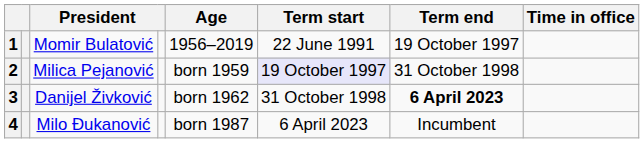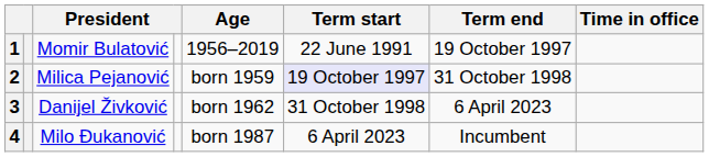 <table class="wikitable" style="text-align:center">
 <tr>
 <th colspan="2"></th>
 <th colspan="2">President</th>
 <th>Age</th>
 <th>Term start</th>
 <th>Term end</th>
 <th>Time in office</th>
 </tr>
 <tr>
 <th>1</th>
 <th style="background:"></th>
 <td><a href='#'>Momir Bulatović</a></td>
 <td></td>
 <td>1956–2019</td>
 <td>22 June 1991</td>
 <td>19 October 1997</td>
 <td></td>
 </tr>
 <tr>
 <th>2</th>
 <th style="background:"></th>
 <td><a href='#'>Milica Pejanović</a></td>
 <td></td>
 <td>born 1959</td>
 <td style="background: lavender;">19 October 1997</td>
 <td>31 October 1998</td>
 <td></td>
 </tr>
 <tr>
 <th>3</th>
 <th style="background:"></th>
 <td><a href='#'>Danijel Živković</a></td>
 <td></td>
 <td>born 1962</td>
 <td>31 October 1998</td>
-<td><strong>6 April 2023</strong></td>
+<td>6 April 2023</td>
 <td></td>
 </tr>
 <tr>
 <th>4</th>
 <th style="background:"></th>
 <td><a href='#'>Milo Đukanović</a></td>
 <td></td>
 <td>born 1987</td>
 <td>6 April 2023</td>
 <td>Incumbent</td>
 <td></td>
 </tr>
 </table>
